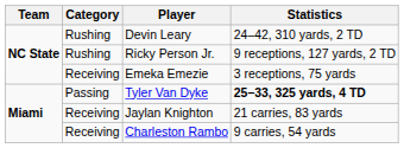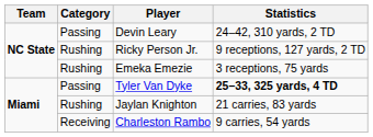 <table class="wikitable" style="float: left;">
 <tr>
 <th>Team</th>
 <th>Category</th>
 <th>Player</th>
 <th>Statistics</th>
 </tr>
 <tr>
 <td rowspan=3><strong>NC State</strong></td>
-<td>Rushing</td>
+<td>Passing</td>
 <td>Devin Leary</td>
 <td>24–42, 310 yards, 2 TD</td>
 </tr>
 <tr>
 <td>Rushing</td>
 <td>Ricky Person Jr.</td>
 <td>9 receptions, 127 yards, 2 TD</td>
 </tr>
 <tr>
-<td>Receiving</td>
+<td>Rushing</td>
 <td>Emeka Emezie</td>
 <td>3 receptions, 75 yards</td>
 </tr>
 <tr>
 <td rowspan=3><strong>Miami</strong></td>
 <td>Passing</td>
 <td><a href='#'>Tyler Van Dyke</a></td>
 <td><strong>25–33, 325 yards, 4 TD</strong></td>
 </tr>
 <tr>
-<td>Receiving</td>
+<td>Rushing</td>
 <td>Jaylan Knighton</td>
 <td>21 carries, 83 yards</td>
 </tr>
 <tr>
 <td>Receiving</td>
 <td><a href='#'>Charleston Rambo</a></td>
 <td>9 carries, 54 yards</td>
 </tr>
 </table>
